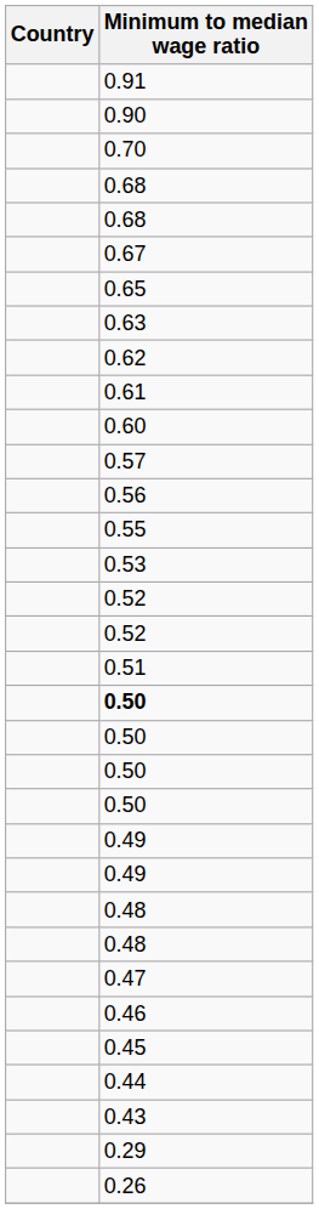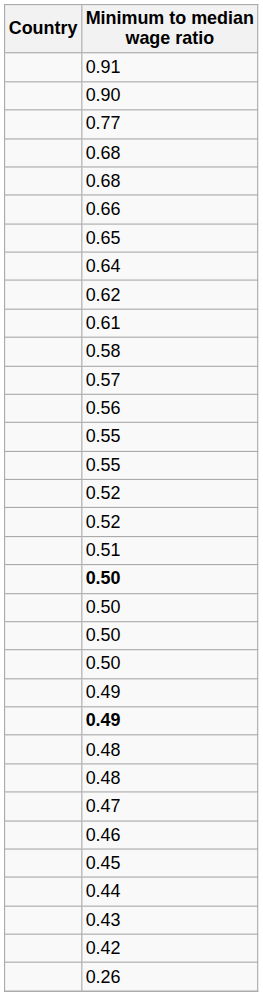 <table class="wikitable sortable mw-datatable static-row-numbers sticky-header" style="text-align:left">
 <tr class=static-row-header>
 <th>Country</th>
 <th>Minimum to median<br>wage ratio</th>
 </tr>
 <tr>
 <td></td>
 <td>0.91</td>
 </tr>
 <tr>
 <td></td>
 <td>0.90</td>
 </tr>
 <tr>
 <td></td>
-<td>0.70</td>
+<td>0.77</td>
 </tr>
 <tr>
 <td></td>
 <td>0.68</td>
 </tr>
 <tr>
 <td></td>
 <td>0.68</td>
 </tr>
 <tr>
 <td></td>
-<td>0.67</td>
+<td>0.66</td>
 </tr>
 <tr>
 <td></td>
 <td>0.65</td>
 </tr>
 <tr>
 <td></td>
-<td>0.63</td>
+<td>0.64</td>
 </tr>
 <tr>
 <td></td>
 <td>0.62</td>
 </tr>
 <tr>
 <td></td>
 <td>0.61</td>
 </tr>
 <tr>
 <td></td>
-<td>0.60</td>
+<td>0.58</td>
 </tr>
 <tr>
 <td></td>
 <td>0.57</td>
 </tr>
 <tr>
 <td></td>
 <td>0.56</td>
 </tr>
 <tr>
 <td></td>
 <td>0.55</td>
 </tr>
 <tr>
 <td></td>
-<td>0.53</td>
+<td>0.55</td>
 </tr>
 <tr>
 <td></td>
 <td>0.52</td>
 </tr>
 <tr>
 <td></td>
 <td>0.52</td>
 </tr>
 <tr>
 <td></td>
 <td>0.51</td>
 </tr>
 <tr>
 <td></td>
 <td><strong>0.50</strong></td>
 </tr>
 <tr>
 <td></td>
 <td>0.50</td>
 </tr>
 <tr>
 <td></td>
 <td>0.50</td>
 </tr>
 <tr>
 <td></td>
 <td>0.50</td>
 </tr>
 <tr>
 <td></td>
 <td>0.49</td>
 </tr>
 <tr>
 <td></td>
-<td>0.49</td>
+<td><strong>0.49</strong></td>
 </tr>
 <tr>
 <td></td>
 <td>0.48</td>
 </tr>
 <tr>
 <td></td>
 <td>0.48</td>
 </tr>
 <tr>
 <td></td>
 <td>0.47</td>
 </tr>
 <tr>
 <td></td>
 <td>0.46</td>
 </tr>
 <tr>
 <td></td>
 <td>0.45</td>
 </tr>
 <tr>
 <td></td>
 <td>0.44</td>
 </tr>
 <tr>
 <td></td>
 <td>0.43</td>
 </tr>
 <tr>
 <td></td>
-<td>0.29</td>
+<td>0.42</td>
 </tr>
 <tr>
 <td></td>
 <td>0.26</td>
 </tr>
 <tr>
 </tr>
 </table>
